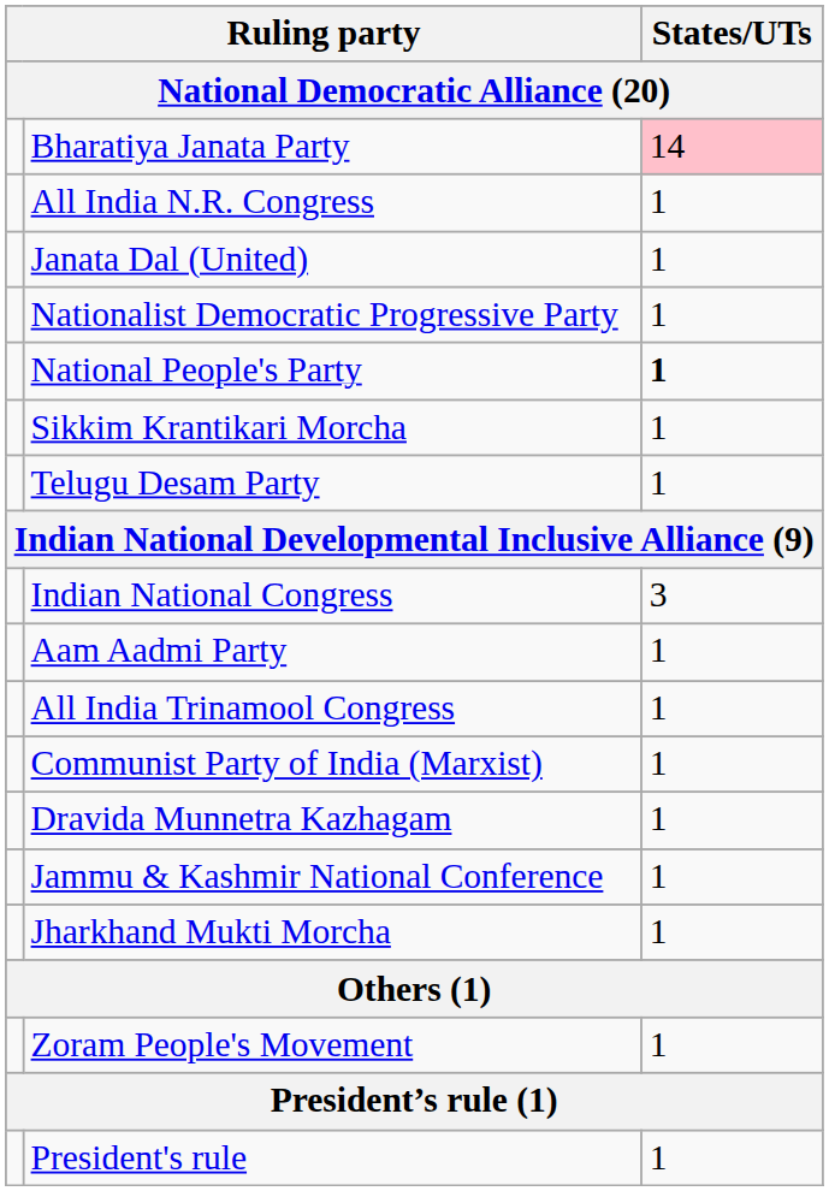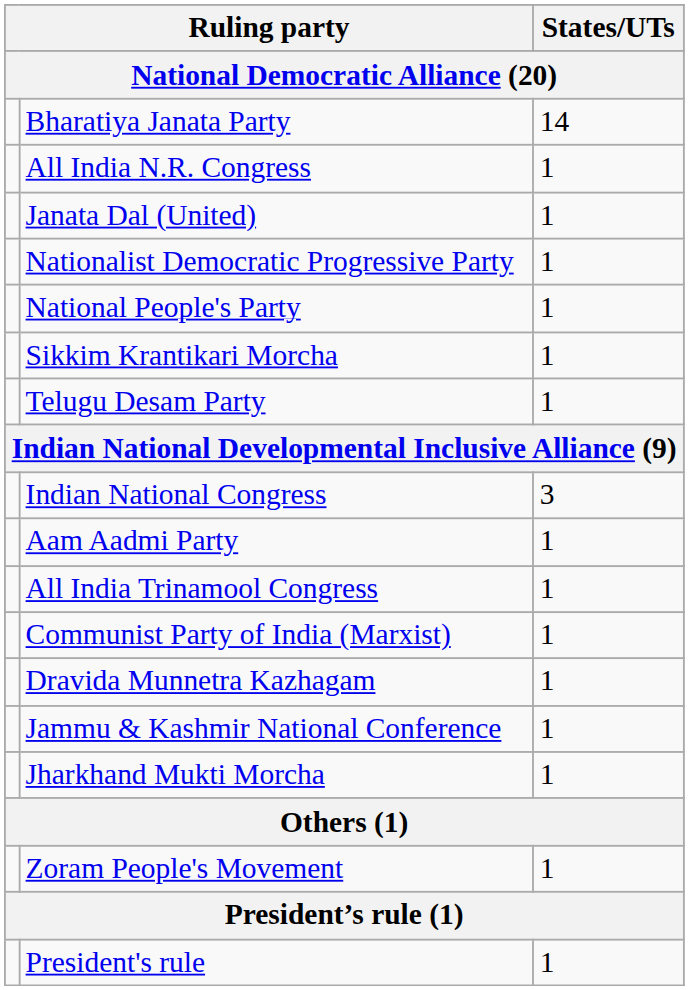 <table class="wikitable sortable" style="text-align:left;"style="font-size: 90%">
 <tr>
 <th colspan="2">Ruling party</th>
 <th>States/UTs</th>
 </tr>
 <tr>
 <th colspan="3"><a href='#'>National Democratic Alliance</a> (20)</th>
 </tr>
 <tr>
 <td></td>
 <td><a href='#'>Bharatiya Janata Party</a></td>
-<td style="background: pink;">14</td>
+<td>14</td>
 </tr>
 <tr>
 <td></td>
 <td><a href='#'>All India N.R. Congress</a></td>
 <td>1</td>
 </tr>
 <tr>
 <td></td>
 <td><a href='#'>Janata Dal (United)</a></td>
 <td>1</td>
 </tr>
 <tr>
 <td></td>
 <td><a href='#'>Nationalist Democratic Progressive Party</a></td>
 <td>1</td>
 </tr>
 <tr>
 <td></td>
 <td><a href='#'>National People's Party</a></td>
-<td><strong>1</strong></td>
+<td>1</td>
 </tr>
 <tr>
 <td></td>
 <td><a href='#'>Sikkim Krantikari Morcha</a></td>
 <td>1</td>
 </tr>
 <tr>
 <td></td>
 <td><a href='#'>Telugu Desam Party</a></td>
 <td>1</td>
 </tr>
 <tr>
 <th colspan="3"><a href='#'>Indian National Developmental Inclusive Alliance</a> (9)</th>
 </tr>
 <tr>
 <td></td>
 <td><a href='#'>Indian National Congress</a></td>
 <td>3</td>
 </tr>
 <tr>
 <td></td>
 <td><a href='#'>Aam Aadmi Party</a></td>
 <td>1</td>
 </tr>
 <tr>
 <td></td>
 <td><a href='#'>All India Trinamool Congress</a></td>
 <td>1</td>
 </tr>
 <tr>
 <td></td>
 <td><a href='#'>Communist Party of India (Marxist)</a></td>
 <td>1</td>
 </tr>
 <tr>
 <td></td>
 <td><a href='#'>Dravida Munnetra Kazhagam</a></td>
 <td>1</td>
 </tr>
 <tr>
 <td></td>
 <td><a href='#'>Jammu & Kashmir National Conference</a></td>
 <td>1</td>
 </tr>
 <tr>
 <td></td>
 <td><a href='#'>Jharkhand Mukti Morcha</a></td>
 <td>1</td>
 </tr>
 <tr>
 <th Colspan="3">Others (1)</th>
 </tr>
 <tr>
 <td></td>
 <td><a href='#'>Zoram People's Movement</a></td>
 <td>1</td>
 </tr>
 <tr>
 <th Colspan="3">President’s rule (1)</th>
 </tr>
 <tr>
 <td></td>
 <td><a href='#'>President's rule</a></td>
 <td>1</td>
 </tr>
 <tr>
 </tr>
 </table>
